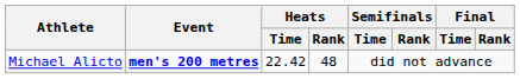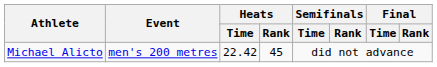 <table class=wikitable style="font-size:90%;">
 <tr>
 <th rowspan=2>Athlete</th>
 <th rowspan=2>Event</th>
 <th colspan=2>Heats</th>
 <th colspan=2>Semifinals</th>
 <th colspan=2>Final</th>
 </tr>
 <tr>
 <th>Time</th>
 <th>Rank</th>
 <th>Time</th>
 <th>Rank</th>
 <th>Time</th>
 <th>Rank</th>
 </tr>
 <tr>
 <td><a href='#'>Michael Alicto</a></td>
-<td><strong><a href='#'>men's 200 metres</a></strong></td>
+<td><a href='#'>men's 200 metres</a></td>
 <td align="center">22.42</td>
-<td align="center">48</td>
+<td align="center">45</td>
 <td align="center" colspan=4>did not advance</td>
 </tr>
 </table>
